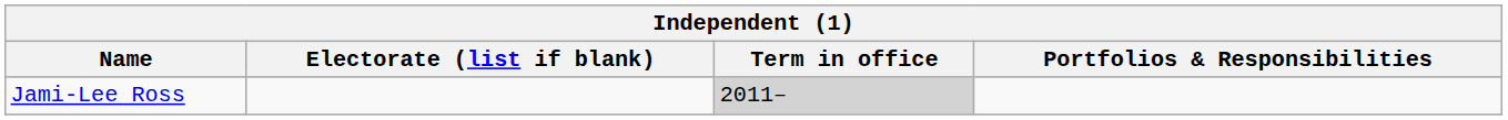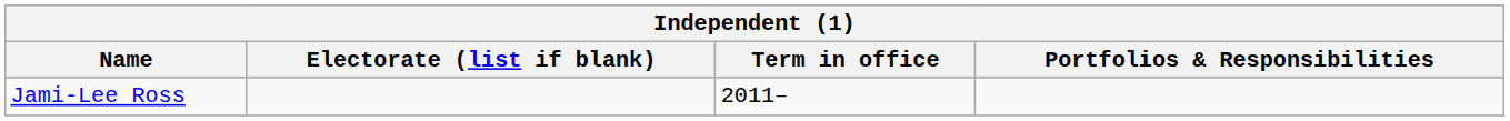 <table role="presentation" class="wikitable mw-collapsible mw-collapsed">
 <tr>
 <th colspan="6" style="width: 700pt; background: ">Independent (1)</th>
 </tr>
 <tr>
 <th>Name</th>
 <th>Electorate (<a href='#'>list</a> if blank)</th>
 <th>Term in office</th>
 <th>Portfolios & Responsibilities</th>
 </tr>
 <tr>
 <td><a href='#'>Jami-Lee Ross</a></td>
 <td></td>
-<td style="background: lightgrey;">2011–</td>
+<td>2011–</td>
 <td></td>
 </tr>
 </table>
